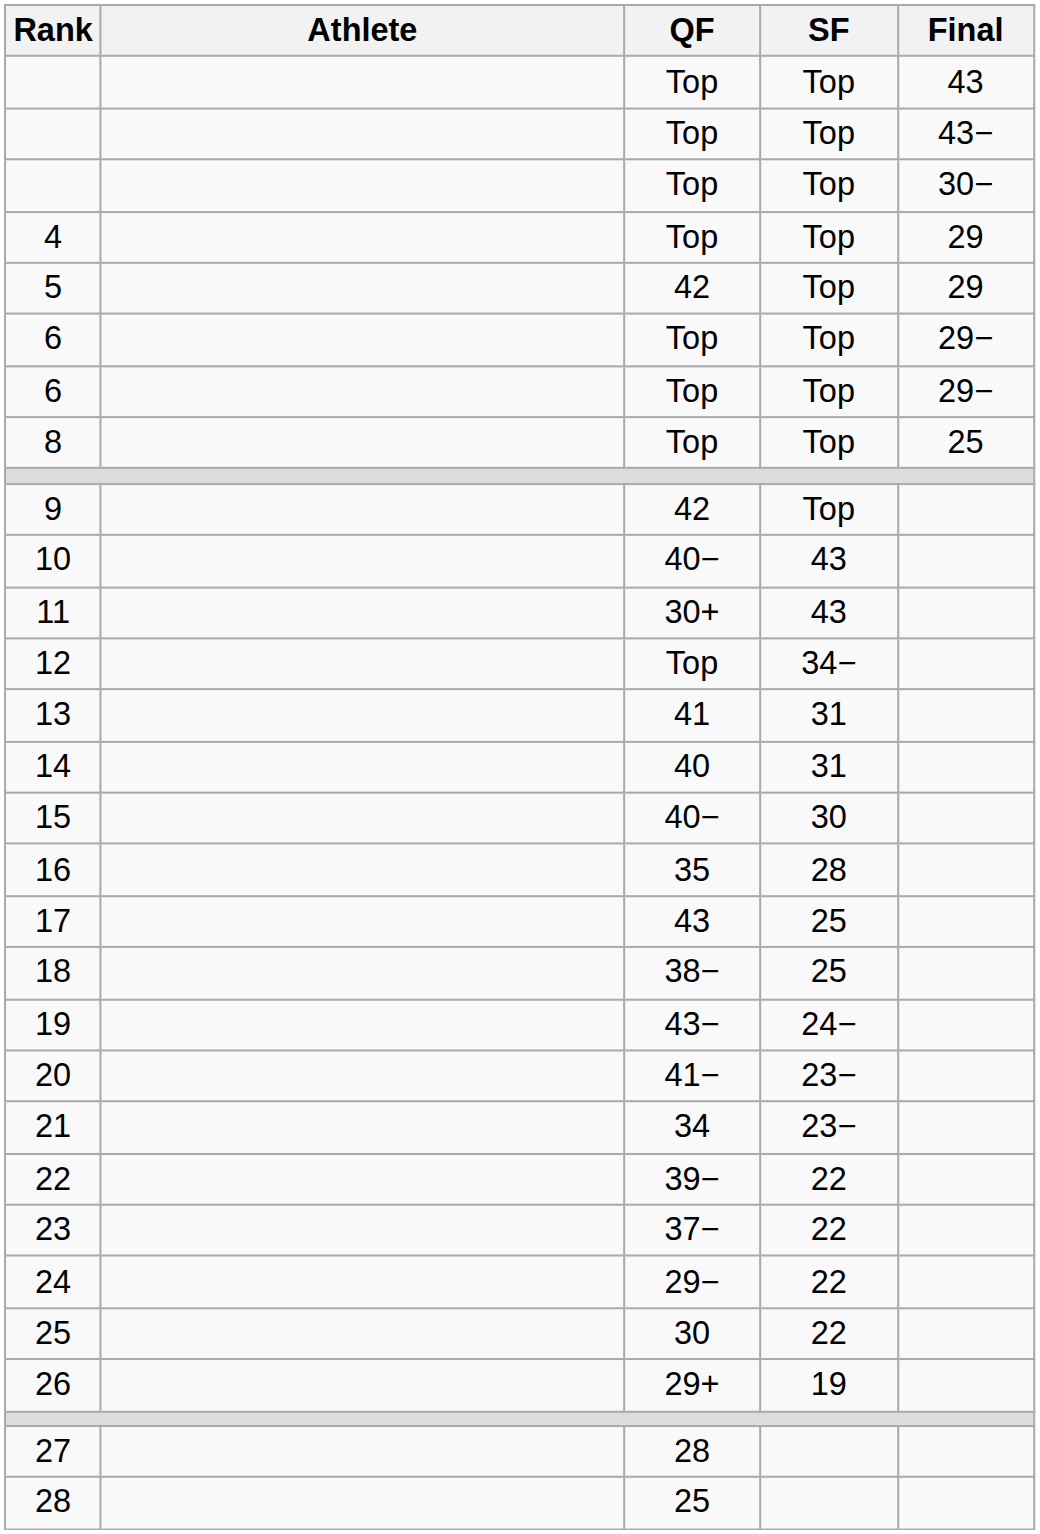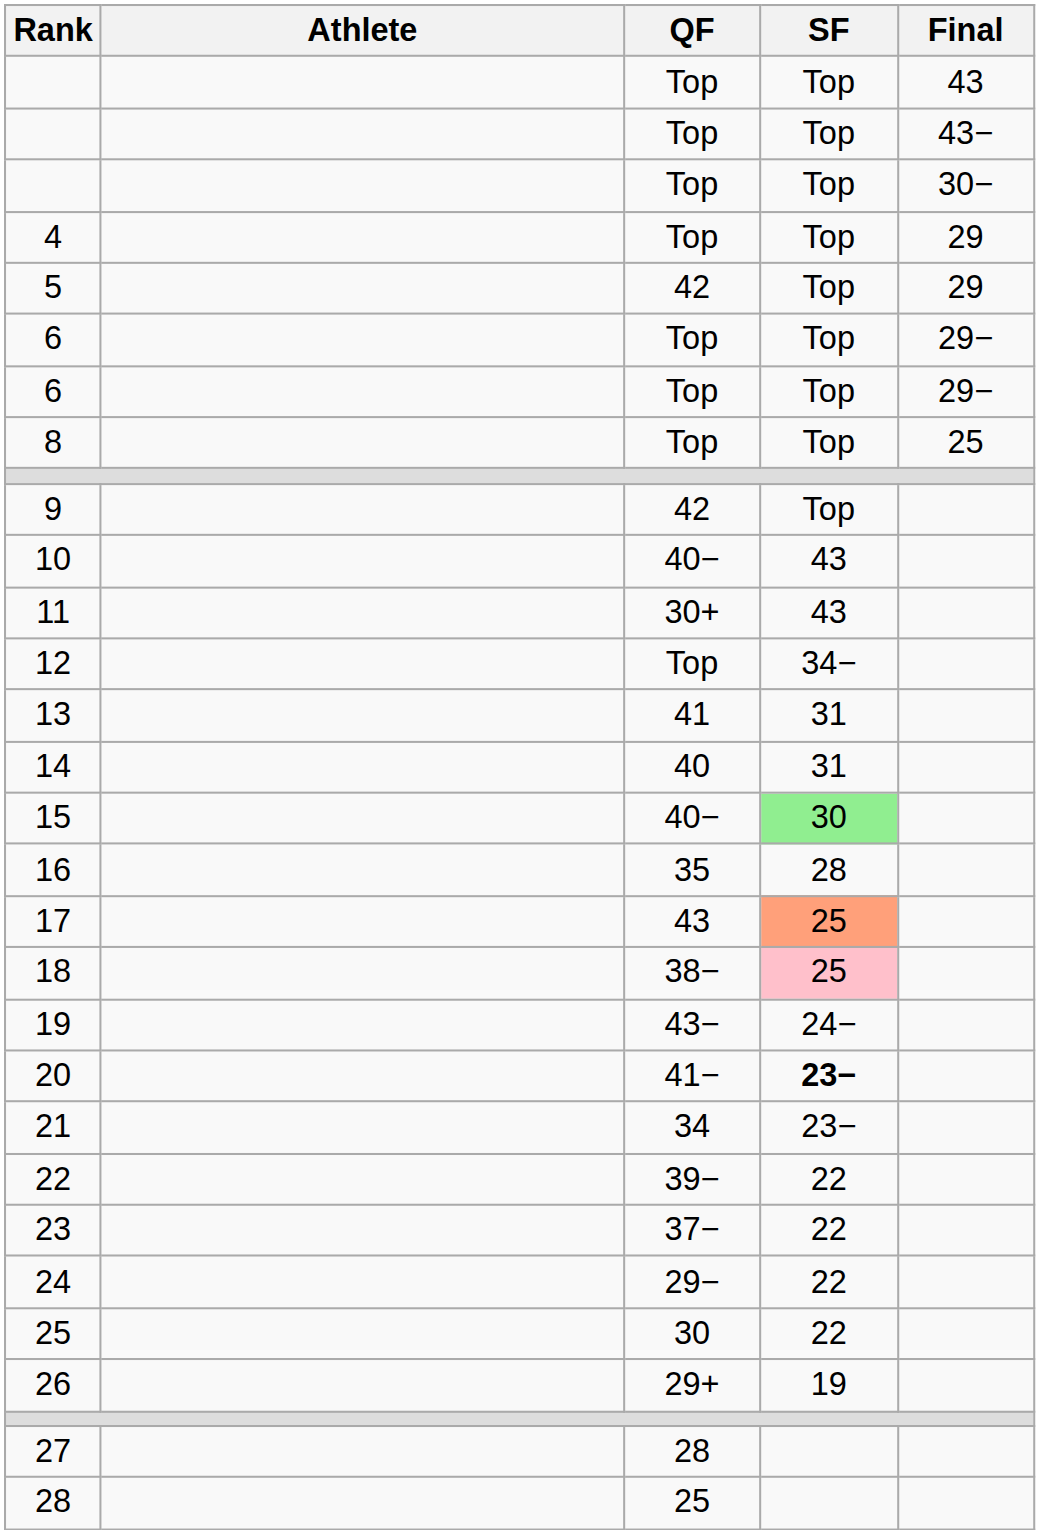 <table class=wikitable style="text-align:center">
 <tr>
 <th width=40>Rank</th>
 <th width=250>Athlete</th>
 <th width=60>QF</th>
 <th width=60>SF</th>
 <th width=60>Final</th>
 </tr>
 <tr>
 <td></td>
 <td align=left></td>
 <td>Top</td>
 <td>Top</td>
 <td>43</td>
 </tr>
 <tr>
 <td></td>
 <td align=left></td>
 <td>Top</td>
 <td>Top</td>
 <td>43−</td>
 </tr>
 <tr>
 <td></td>
 <td align=left></td>
 <td>Top</td>
 <td>Top</td>
 <td>30−</td>
 </tr>
 <tr>
 <td>4</td>
 <td align=left></td>
 <td>Top</td>
 <td>Top</td>
 <td>29</td>
 </tr>
 <tr>
 <td>5</td>
 <td align=left></td>
 <td>42</td>
 <td>Top</td>
 <td>29</td>
 </tr>
 <tr>
 <td>6</td>
 <td align=left></td>
 <td>Top</td>
 <td>Top</td>
 <td>29−</td>
 </tr>
 <tr>
 <td>6</td>
 <td align=left></td>
 <td>Top</td>
 <td>Top</td>
 <td>29−</td>
 </tr>
 <tr>
 <td>8</td>
 <td align=left></td>
 <td>Top</td>
 <td>Top</td>
 <td>25</td>
 </tr>
 <tr bgcolor=#DDDDDD>
 <td colspan=5></td>
 </tr>
 <tr>
 <td>9</td>
 <td align=left></td>
 <td>42</td>
 <td>Top</td>
 <td></td>
 </tr>
 <tr>
 <td>10</td>
 <td align=left></td>
 <td>40−</td>
 <td>43</td>
 <td></td>
 </tr>
 <tr>
 <td>11</td>
 <td align=left></td>
 <td>30+</td>
 <td>43</td>
 <td></td>
 </tr>
 <tr>
 <td>12</td>
 <td align=left></td>
 <td>Top</td>
 <td>34−</td>
 <td></td>
 </tr>
 <tr>
 <td>13</td>
 <td align=left></td>
 <td>41</td>
 <td>31</td>
 <td></td>
 </tr>
 <tr>
 <td>14</td>
 <td align=left></td>
 <td>40</td>
 <td>31</td>
 <td></td>
 </tr>
 <tr>
 <td>15</td>
 <td align=left></td>
 <td>40−</td>
-<td>30</td>
+<td style="background: lightgreen;">30</td>
 <td></td>
 </tr>
 <tr>
 <td>16</td>
 <td align=left></td>
 <td>35</td>
 <td>28</td>
 <td></td>
 </tr>
 <tr>
 <td>17</td>
 <td align=left></td>
 <td>43</td>
-<td>25</td>
+<td style="background: lightsalmon;">25</td>
 <td></td>
 </tr>
 <tr>
 <td>18</td>
 <td align=left></td>
 <td>38−</td>
-<td>25</td>
+<td style="background: pink;">25</td>
 <td></td>
 </tr>
 <tr>
 <td>19</td>
 <td align=left></td>
 <td>43−</td>
 <td>24−</td>
 <td></td>
 </tr>
 <tr>
 <td>20</td>
 <td align=left></td>
 <td>41−</td>
-<td>23−</td>
+<td><strong>23−</strong></td>
 <td></td>
 </tr>
 <tr>
 <td>21</td>
 <td align=left></td>
 <td>34</td>
 <td>23−</td>
 <td></td>
 </tr>
 <tr>
 <td>22</td>
 <td align=left></td>
 <td>39−</td>
 <td>22</td>
 <td></td>
 </tr>
 <tr>
 <td>23</td>
 <td align=left></td>
 <td>37−</td>
 <td>22</td>
 <td></td>
 </tr>
 <tr>
 <td>24</td>
 <td align=left></td>
 <td>29−</td>
 <td>22</td>
 <td></td>
 </tr>
 <tr>
 <td>25</td>
 <td align=left></td>
 <td>30</td>
 <td>22</td>
 <td></td>
 </tr>
 <tr>
 <td>26</td>
 <td align=left></td>
 <td>29+</td>
 <td>19</td>
 <td></td>
 </tr>
 <tr bgcolor=#DDDDDD>
 <td colspan=5></td>
 </tr>
 <tr>
 <td>27</td>
 <td align=left></td>
 <td>28</td>
 <td></td>
 <td></td>
 </tr>
 <tr>
 <td>28</td>
 <td align=left></td>
 <td>25</td>
 <td></td>
 <td></td>
 </tr>
 </table>
